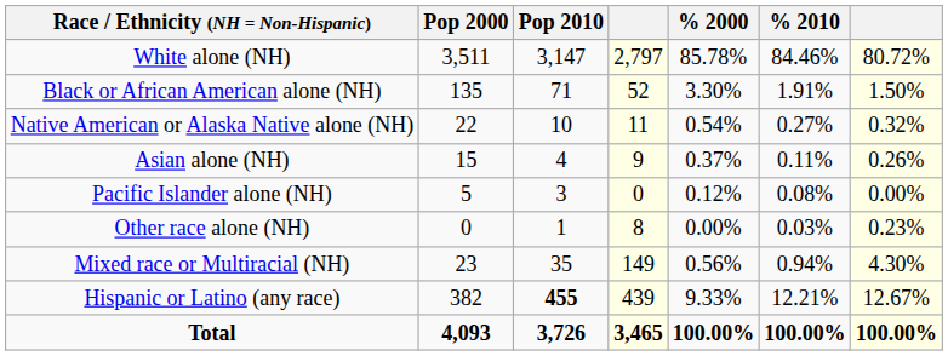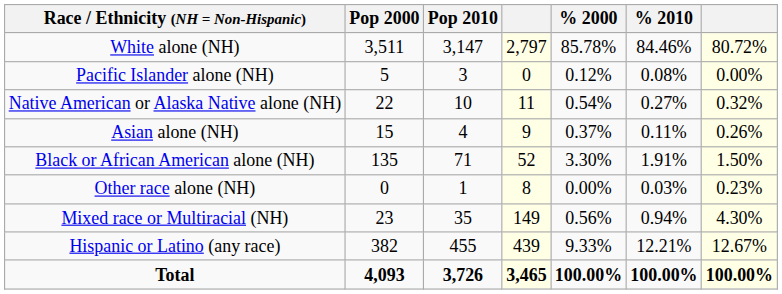 <table class="wikitable" style="text-align:center;">
 <tr>
 <th>Race / Ethnicity <small>(<em>NH = Non-Hispanic</em>)</small></th>
 <th>Pop 2000</th>
 <th>Pop 2010</th>
 <th></th>
 <th>% 2000</th>
 <th>% 2010</th>
 <th></th>
 </tr>
 <tr>
 <td><a href='#'>White</a> alone (NH)</td>
 <td>3,511</td>
 <td>3,147</td>
 <td style='background: #ffffe6;'>2,797</td>
 <td>85.78%</td>
 <td>84.46%</td>
 <td style='background: #ffffe6;'>80.72%</td>
 </tr>
 <tr>
-<td><a href='#'>Black or African American</a> alone (NH)</td>
-<td>135</td>
-<td>71</td>
-<td style='background: #ffffe6;'>52</td>
-<td>3.30%</td>
-<td>1.91%</td>
-<td style='background: #ffffe6;'>1.50%</td>
+<td><a href='#'>Pacific Islander</a> alone (NH)</td>
+<td>5</td>
+<td>3</td>
+<td style='background: #ffffe6;'>0</td>
+<td>0.12%</td>
+<td>0.08%</td>
+<td style='background: #ffffe6;'>0.00%</td>
 </tr>
 <tr>
 <td><a href='#'>Native American</a> or <a href='#'>Alaska Native</a> alone (NH)</td>
 <td>22</td>
 <td>10</td>
 <td style='background: #ffffe6;'>11</td>
 <td>0.54%</td>
 <td>0.27%</td>
 <td style='background: #ffffe6;'>0.32%</td>
 </tr>
 <tr>
 <td><a href='#'>Asian</a> alone (NH)</td>
 <td>15</td>
 <td>4</td>
 <td style='background: #ffffe6;'>9</td>
 <td>0.37%</td>
 <td>0.11%</td>
 <td style='background: #ffffe6;'>0.26%</td>
 </tr>
 <tr>
-<td><a href='#'>Pacific Islander</a> alone (NH)</td>
-<td>5</td>
-<td>3</td>
-<td style='background: #ffffe6;'>0</td>
-<td>0.12%</td>
-<td>0.08%</td>
-<td style='background: #ffffe6;'>0.00%</td>
+<td><a href='#'>Black or African American</a> alone (NH)</td>
+<td>135</td>
+<td>71</td>
+<td style='background: #ffffe6;'>52</td>
+<td>3.30%</td>
+<td>1.91%</td>
+<td style='background: #ffffe6;'>1.50%</td>
 </tr>
 <tr>
 <td><a href='#'>Other race</a> alone (NH)</td>
 <td>0</td>
 <td>1</td>
 <td style='background: #ffffe6;'>8</td>
 <td>0.00%</td>
 <td>0.03%</td>
 <td style='background: #ffffe6;'>0.23%</td>
 </tr>
 <tr>
 <td><a href='#'>Mixed race or Multiracial</a> (NH)</td>
 <td>23</td>
 <td>35</td>
 <td style='background: #ffffe6;'>149</td>
 <td>0.56%</td>
 <td>0.94%</td>
 <td style='background: #ffffe6;'>4.30%</td>
 </tr>
 <tr>
 <td><a href='#'>Hispanic or Latino</a> (any race)</td>
 <td>382</td>
-<td><strong>455</strong></td>
+<td>455</td>
 <td style='background: #ffffe6;'>439</td>
 <td>9.33%</td>
 <td>12.21%</td>
 <td style='background: #ffffe6;'>12.67%</td>
 </tr>
 <tr>
 <td><strong>Total</strong></td>
 <td><strong>4,093</strong></td>
 <td><strong>3,726</strong></td>
 <td style='background: #ffffe6;'><strong>3,465</strong></td>
 <td><strong>100.00%</strong></td>
 <td><strong>100.00%</strong></td>
 <td style='background: #ffffe6;'><strong>100.00%</strong></td>
 </tr>
 </table>
